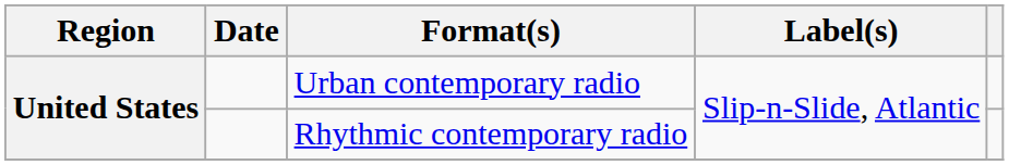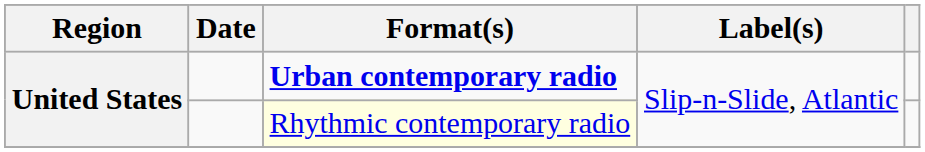 <table class="wikitable plainrowheaders" style="text-align:left">
 <tr>
 <th scope="col">Region</th>
 <th scope="col">Date</th>
 <th scope="col">Format(s)</th>
 <th scope="col">Label(s)</th>
 <th scope="col"></th>
 </tr>
 <tr>
 <th scope="row" rowspan="2">United States</th>
 <td></td>
-<td><a href='#'>Urban contemporary radio</a></td>
+<td><strong><a href='#'>Urban contemporary radio</a></strong></td>
 <td rowspan="2"><a href='#'>Slip-n-Slide</a>, <a href='#'>Atlantic</a></td>
 <td></td>
 </tr>
 <tr>
 <td></td>
-<td><a href='#'>Rhythmic contemporary radio</a></td>
+<td style="background: lightyellow;"><a href='#'>Rhythmic contemporary radio</a></td>
 <td></td>
 </tr>
 <tr>
 </tr>
 </table>
